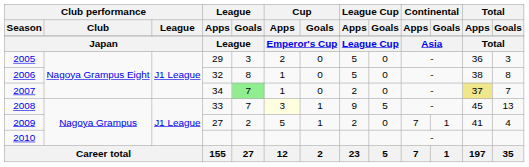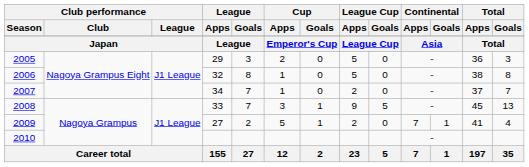 <table class="wikitable" style="text-align:center">
 <tr>
 <th colspan=3>Club performance</th>
 <th colspan=2>League</th>
 <th colspan=2>Cup</th>
 <th colspan=2>League Cup</th>
 <th colspan=2>Continental</th>
 <th colspan=2>Total</th>
 </tr>
 <tr>
 <th>Season</th>
 <th>Club</th>
 <th>League</th>
 <th>Apps</th>
 <th>Goals</th>
 <th>Apps</th>
 <th>Goals</th>
 <th>Apps</th>
 <th>Goals</th>
 <th>Apps</th>
 <th>Goals</th>
 <th>Apps</th>
 <th>Goals</th>
 </tr>
 <tr>
 </tr>
 <tr>
 <th colspan=3>Japan</th>
 <th colspan=2>League</th>
 <th colspan=2><a href='#'>Emperor's Cup</a></th>
 <th colspan=2><a href='#'>League Cup</a></th>
 <th colspan=2><a href='#'>Asia</a></th>
 <th colspan=2>Total</th>
 </tr>
 <tr>
 <td><a href='#'>2005</a></td>
 <td rowspan="3"><a href='#'>Nagoya Grampus Eight</a></td>
 <td rowspan="3"><a href='#'>J1 League</a></td>
 <td>29</td>
 <td>3</td>
 <td>2</td>
 <td>0</td>
 <td>5</td>
 <td>0</td>
 <td colspan="2">-</td>
 <td>36</td>
 <td>3</td>
 </tr>
 <tr>
 <td><a href='#'>2006</a></td>
 <td>32</td>
 <td>8</td>
 <td>1</td>
 <td>0</td>
 <td>5</td>
 <td>0</td>
 <td colspan="2">-</td>
 <td>38</td>
 <td>8</td>
 </tr>
 <tr>
 <td><a href='#'>2007</a></td>
 <td>34</td>
-<td style="background: lightgreen;">7</td>
+<td>7</td>
 <td>1</td>
 <td>0</td>
 <td>2</td>
 <td>0</td>
 <td colspan="2">-</td>
-<td style="background: khaki;">37</td>
+<td>37</td>
 <td>7</td>
 </tr>
 <tr>
 <td><a href='#'>2008</a></td>
 <td rowspan="3"><a href='#'>Nagoya Grampus</a></td>
 <td rowspan="3"><a href='#'>J1 League</a></td>
 <td>33</td>
 <td>7</td>
-<td style="background: lightyellow;">3</td>
+<td>3</td>
 <td>1</td>
 <td>9</td>
 <td>5</td>
 <td colspan="2">-</td>
 <td>45</td>
 <td>13</td>
 </tr>
 <tr>
 <td><a href='#'>2009</a></td>
 <td>27</td>
 <td>2</td>
 <td>5</td>
 <td>1</td>
 <td>2</td>
 <td>0</td>
 <td>7</td>
 <td>1</td>
 <td>41</td>
 <td>4</td>
 </tr>
 <tr>
 <td><a href='#'>2010</a></td>
 <td></td>
 <td></td>
 <td></td>
 <td></td>
 <td></td>
 <td></td>
 <td colspan="2">-</td>
 <td></td>
 <td></td>
 </tr>
 <tr>
 <th colspan=3>Career total</th>
 <th>155</th>
 <th>27</th>
 <th>12</th>
 <th>2</th>
 <th>23</th>
 <th>5</th>
 <th>7</th>
 <th>1</th>
 <th>197</th>
 <th>35</th>
 </tr>
 </table>
